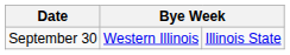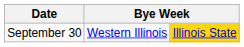 <table class="wikitable" style="font-size:95%;">
 <tr>
 <th>Date</th>
 <th colspan="2">Bye Week</th>
 </tr>
 <tr>
 <td>September 30</td>
 <td><a href='#'>Western Illinois</a></td>
-<td><a href='#'>Illinois State</a></td>
+<td style="background: gold;"><a href='#'>Illinois State</a></td>
 </tr>
 </table>
